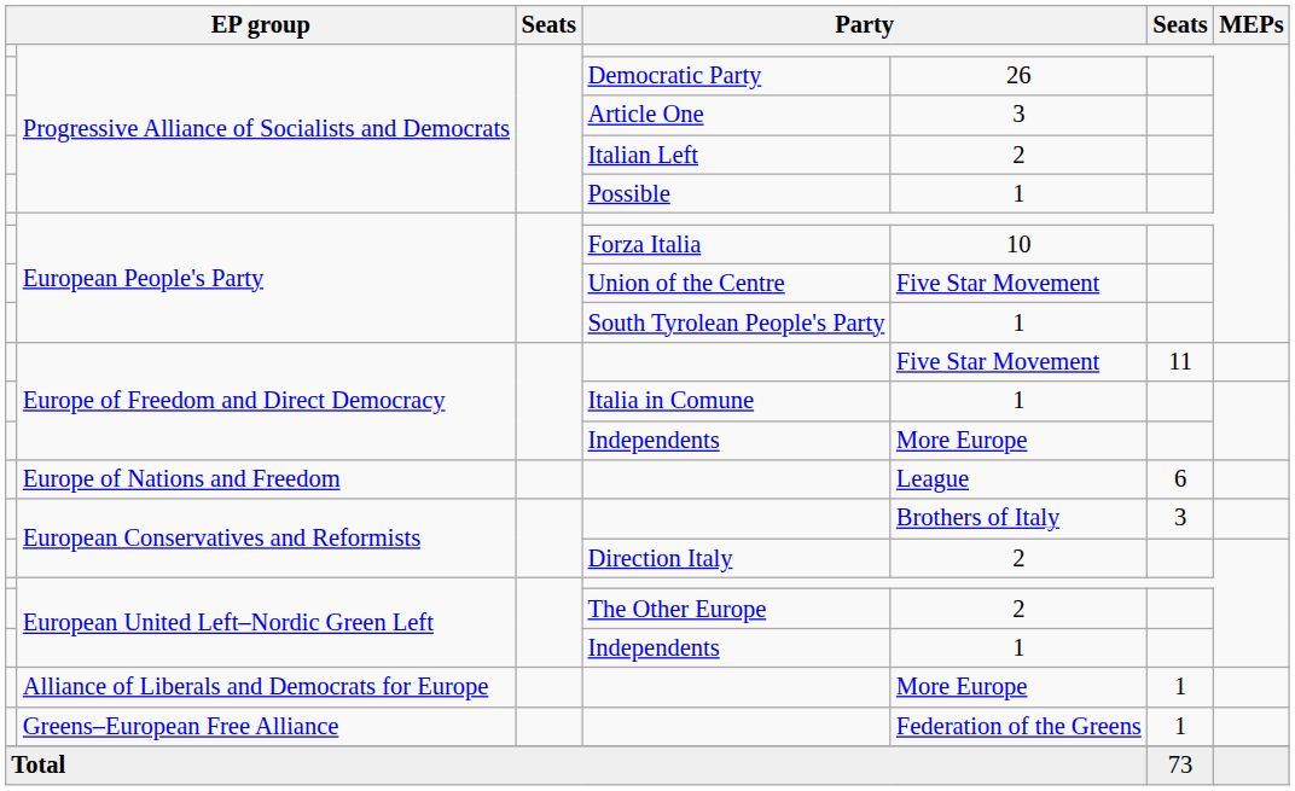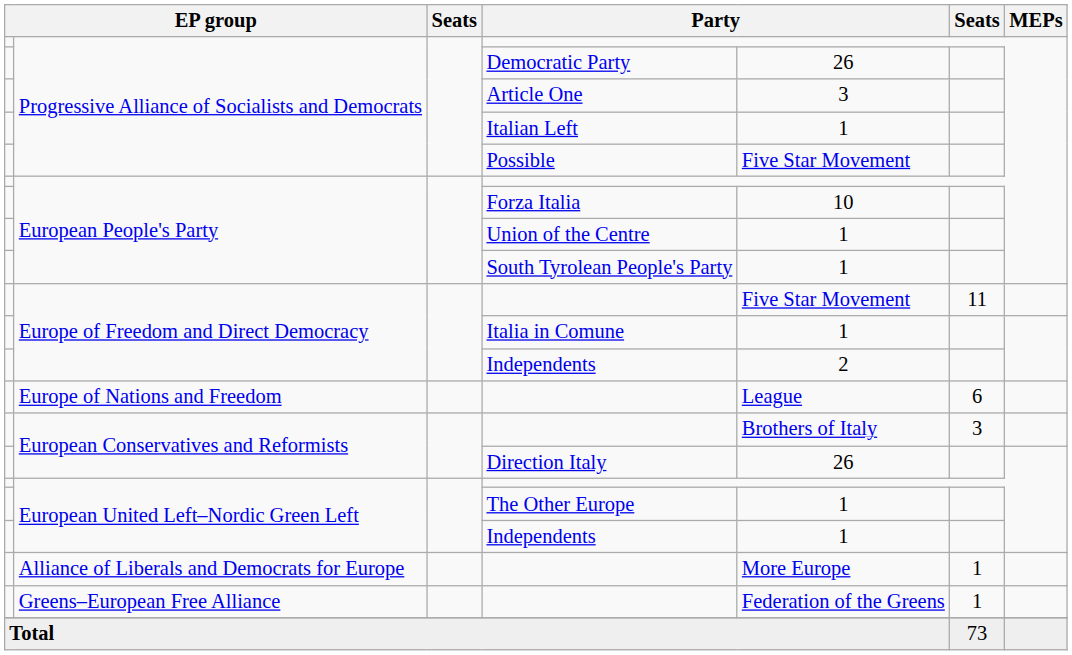 <table class="wikitable">
 <tr>
 <th colspan=2>EP group</th>
 <th>Seats</th>
 <th colspan=2>Party</th>
 <th>Seats</th>
 <th>MEPs</th>
 </tr>
 <tr>
 <td></td>
 <td rowspan="5"><a href='#'>Progressive Alliance of Socialists and Democrats</a></td>
 <td rowspan="5"></td>
 </tr>
 <tr>
 <td style="background:"></td>
 <td><a href='#'>Democratic Party</a></td>
 <td align=center>26</td>
 <td></td>
 </tr>
 <tr>
 <td style="background:"></td>
 <td><a href='#'>Article One</a></td>
 <td align=center>3</td>
 <td></td>
 </tr>
 <tr>
 <td style="background:"></td>
 <td><a href='#'>Italian Left</a></td>
-<td align=center>2</td>
+<td align=center>1</td>
 <td></td>
 </tr>
 <tr>
 <td style="background:"></td>
 <td><a href='#'>Possible</a></td>
-<td align=center>1</td>
+<td><a href='#'>Five Star Movement</a></td>
 <td></td>
 </tr>
 <tr>
 <td></td>
 <td rowspan="4"><a href='#'>European People's Party</a></td>
 <td rowspan="4"></td>
 </tr>
 <tr>
 <td style="background:"></td>
 <td><a href='#'>Forza Italia</a></td>
 <td align=center>10</td>
 <td></td>
 </tr>
 <tr>
 <td style="background:"></td>
 <td><a href='#'>Union of the Centre</a></td>
-<td><a href='#'>Five Star Movement</a></td>
+<td align=center>1</td>
 <td></td>
 </tr>
 <tr>
 <td style="background:"></td>
 <td><a href='#'>South Tyrolean People's Party</a></td>
 <td align=center>1</td>
 <td></td>
 </tr>
 <tr>
 <td></td>
 <td rowspan="3"><a href='#'>Europe of Freedom and Direct Democracy</a></td>
 <td rowspan="3"></td>
 <td style="background:"></td>
 <td><a href='#'>Five Star Movement</a></td>
 <td align=center>11</td>
 <td></td>
 </tr>
 <tr>
 <td style="background:"></td>
 <td><a href='#'>Italia in Comune</a></td>
 <td align=center>1</td>
 <td></td>
 </tr>
 <tr>
 <td style="background:"></td>
 <td><a href='#'>Independents</a></td>
-<td><a href='#'>More Europe</a></td>
+<td align=center>2</td>
 <td></td>
 </tr>
 <tr>
 <td></td>
 <td><a href='#'>Europe of Nations and Freedom</a></td>
 <td></td>
 <td style="background:"></td>
 <td><a href='#'>League</a></td>
 <td align=center>6</td>
 <td></td>
 </tr>
 <tr>
 <td></td>
 <td rowspan="2"><a href='#'>European Conservatives and Reformists</a></td>
 <td rowspan="2"></td>
 <td style="background:"></td>
 <td><a href='#'>Brothers of Italy</a></td>
 <td align=center>3</td>
 <td></td>
 </tr>
 <tr>
 <td style="background:"></td>
 <td><a href='#'>Direction Italy</a></td>
-<td align=center>2</td>
+<td align=center>26</td>
 <td></td>
 </tr>
 <tr>
 <td></td>
 <td rowspan="3"><a href='#'>European United Left–Nordic Green Left</a></td>
 <td rowspan="3"></td>
 </tr>
 <tr>
 <td style="background:"></td>
 <td><a href='#'>The Other Europe</a></td>
-<td align=center>2</td>
+<td align=center>1</td>
 <td></td>
 </tr>
 <tr>
 <td style="background:"></td>
 <td><a href='#'>Independents</a></td>
 <td align=center>1</td>
 <td></td>
 </tr>
 <tr>
 <td></td>
 <td><a href='#'>Alliance of Liberals and Democrats for Europe</a></td>
 <td></td>
 <td style="background:"></td>
 <td><a href='#'>More Europe</a></td>
 <td align=center>1</td>
 <td></td>
 </tr>
 <tr>
 <td></td>
 <td><a href='#'>Greens–European Free Alliance</a></td>
 <td></td>
 <td style="background:"></td>
 <td><a href='#'>Federation of the Greens</a></td>
 <td align=center>1</td>
 <td></td>
 </tr>
 <tr>
 </tr>
 <tr bgcolor="EFEFEF">
 <td colspan=5 align=left><strong>Total</strong></td>
 <td align=center>73</td>
 <td></td>
 </tr>
 </table>
